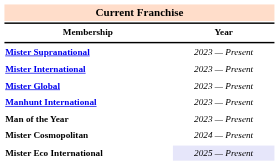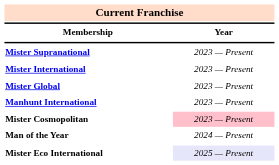 <table class="toccolours" style="width: 20em; font-size:80%; line-height:1.5em; width:30%;">
 <tr>
 <th colspan="2" align="center" style="background:#FFDDCA;"><big>Current Franchise</big></th>
 </tr>
 <tr>
 <td colspan="2" style="background:black"></td>
 </tr>
 <tr>
 <th scope="col">Membership</th>
 <th scope="col">Year</th>
 </tr>
 <tr>
 <td colspan="2" style="background:black"></td>
 </tr>
 <tr>
 <td align="left"><strong><a href='#'>Mister Supranational</a></strong></td>
 <td align="center"><em>2023 — Present</em></td>
 </tr>
 <tr>
 <td align="left"><strong><a href='#'>Mister International</a></strong></td>
 <td align="center"><em>2023 — Present</em></td>
 </tr>
 <tr>
 <td align="left"><strong><a href='#'>Mister Global</a></strong></td>
 <td align="center"><em>2023 — Present</em></td>
 </tr>
 <tr>
 <td align="left"><strong><a href='#'>Manhunt International</a></strong></td>
 <td align="center"><em>2023 — Present</em></td>
 </tr>
 <tr>
-<td align="left"><strong>Man of the Year</strong></td>
-<td align="center"><em>2023 — Present</em></td>
+<td align="left"><strong>Mister Cosmopolitan</strong></td>
+<td align="center" style="background: pink;"><em>2023 — Present</em></td>
 </tr>
 <tr>
-<td align="left"><strong>Mister Cosmopolitan</strong></td>
+<td align="left"><strong>Man of the Year</strong></td>
 <td align="center"><em>2024 — Present</em></td>
 </tr>
 <tr>
 <td align="left"><strong>Mister Eco International</strong></td>
 <td align="center" style="background: lavender;"><em>2025 — Present</em></td>
 </tr>
 <tr>
 </tr>
 </table>
